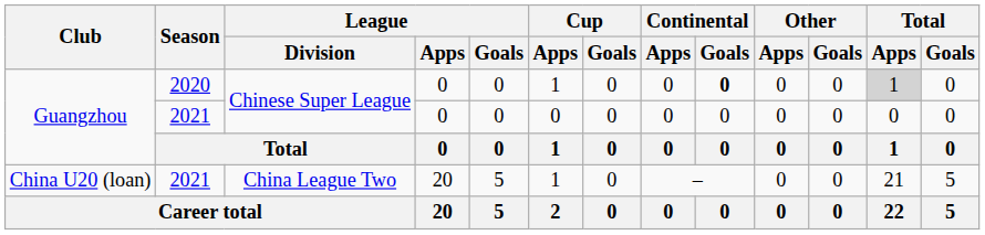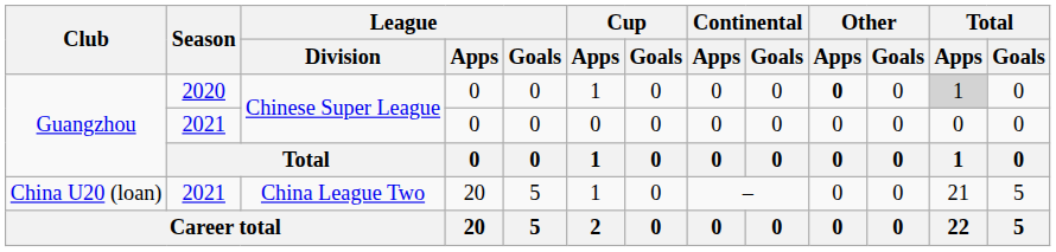 <table class="wikitable" style="text-align: center">
 <tr>
 <th rowspan="2">Club</th>
 <th rowspan="2">Season</th>
 <th colspan="3">League</th>
 <th colspan="2">Cup</th>
 <th colspan="2">Continental</th>
 <th colspan="2">Other</th>
 <th colspan="2">Total</th>
 </tr>
 <tr>
 <th>Division</th>
 <th>Apps</th>
 <th>Goals</th>
 <th>Apps</th>
 <th>Goals</th>
 <th>Apps</th>
 <th>Goals</th>
 <th>Apps</th>
 <th>Goals</th>
 <th>Apps</th>
 <th>Goals</th>
 </tr>
 <tr>
 <td rowspan="3"><a href='#'>Guangzhou</a></td>
 <td><a href='#'>2020</a></td>
 <td rowspan="2"><a href='#'>Chinese Super League</a></td>
 <td>0</td>
 <td>0</td>
 <td>1</td>
 <td>0</td>
 <td>0</td>
+<td>0</td>
 <td><strong>0</strong></td>
-<td>0</td>
 <td>0</td>
 <td style="background: lightgrey;">1</td>
 <td>0</td>
 </tr>
 <tr>
 <td><a href='#'>2021</a></td>
 <td>0</td>
 <td>0</td>
 <td>0</td>
 <td>0</td>
 <td>0</td>
 <td>0</td>
 <td>0</td>
 <td>0</td>
 <td>0</td>
 <td>0</td>
 </tr>
 <tr>
 <th colspan=2>Total</th>
 <th>0</th>
 <th>0</th>
 <th>1</th>
 <th>0</th>
 <th>0</th>
 <th>0</th>
 <th>0</th>
 <th>0</th>
 <th>1</th>
 <th>0</th>
 </tr>
 <tr>
 <td><a href='#'>China U20</a> (loan)</td>
 <td><a href='#'>2021</a></td>
 <td><a href='#'>China League Two</a></td>
 <td>20</td>
 <td>5</td>
 <td>1</td>
 <td>0</td>
 <td colspan="2">–</td>
 <td>0</td>
 <td>0</td>
 <td>21</td>
 <td>5</td>
 </tr>
 <tr>
 <th colspan=3>Career total</th>
 <th>20</th>
 <th>5</th>
 <th>2</th>
 <th>0</th>
 <th>0</th>
 <th>0</th>
 <th>0</th>
 <th>0</th>
 <th>22</th>
 <th>5</th>
 </tr>
 </table>
